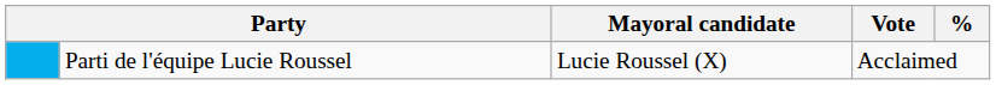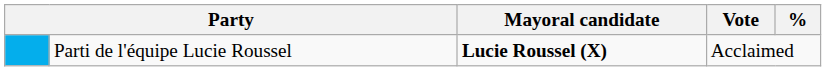 <table class="wikitable">
 <tr>
 <th bgcolor="#DDDDFF" width="370px" colspan="2">Party</th>
 <th bgcolor="#DDDDFF" width="200px">Mayoral candidate</th>
 <th bgcolor="#DDDDFF" width="50px">Vote</th>
 <th bgcolor="#DDDDFF" width="30px">%</th>
 </tr>
 <tr>
 <td bgcolor=#04AEEC  width="30px"> </td>
 <td>Parti de l'équipe Lucie Roussel</td>
-<td>Lucie Roussel (X)</td>
+<td><strong>Lucie Roussel (X)</strong></td>
 <td colspan="2">Acclaimed</td>
 </tr>
 </table>
